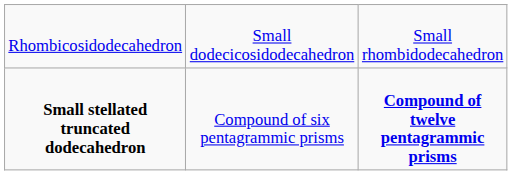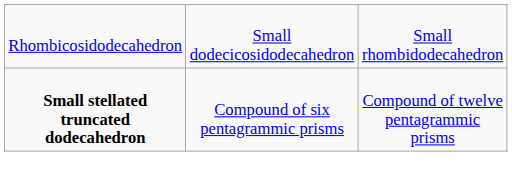 <table class="wikitable" width="400" style="vertical-align:top;text-align:center">
 <tr>
 <td><br><a href='#'>Rhombicosidodecahedron</a></td>
 <td><br><a href='#'>Small dodecicosidodecahedron</a></td>
 <td><br><a href='#'>Small rhombidodecahedron</a></td>
 </tr>
 <tr>
 <td><br><strong>Small stellated truncated dodecahedron</strong></td>
 <td><br><a href='#'>Compound of six pentagrammic prisms</a></td>
-<td><strong><br><a href='#'>Compound of twelve pentagrammic prisms</a></strong></td>
+<td><br><a href='#'>Compound of twelve pentagrammic prisms</a></td>
 </tr>
 </table>
